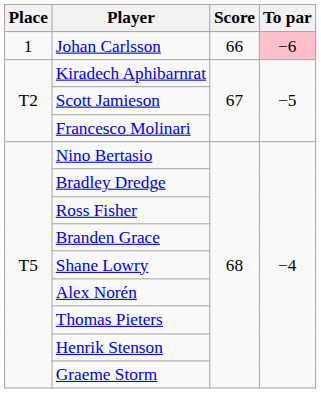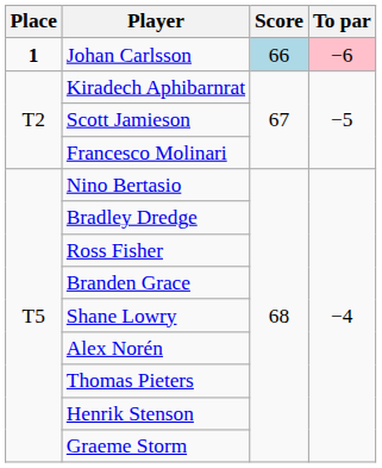 <table class="wikitable">
 <tr>
 <th>Place</th>
 <th>Player</th>
 <th>Score</th>
 <th>To par</th>
 </tr>
 <tr>
-<td align=center>1</td>
+<td align=center><strong>1</strong></td>
 <td> <a href='#'>Johan Carlsson</a></td>
-<td align=center>66</td>
+<td align=center style="background: lightblue;">66</td>
 <td align=center style="background: pink;">−6</td>
 </tr>
 <tr>
 <td rowspan=3 align=center>T2</td>
 <td> <a href='#'>Kiradech Aphibarnrat</a></td>
 <td rowspan=3 align=center>67</td>
 <td rowspan=3 align=center>−5</td>
 </tr>
 <tr>
 <td> <a href='#'>Scott Jamieson</a></td>
 </tr>
 <tr>
 <td> <a href='#'>Francesco Molinari</a></td>
 </tr>
 <tr>
 <td rowspan=9 align=center>T5</td>
 <td> <a href='#'>Nino Bertasio</a></td>
 <td rowspan=9 align=center>68</td>
 <td rowspan=9 align=center>−4</td>
 </tr>
 <tr>
 <td> <a href='#'>Bradley Dredge</a></td>
 </tr>
 <tr>
 <td> <a href='#'>Ross Fisher</a></td>
 </tr>
 <tr>
 <td> <a href='#'>Branden Grace</a></td>
 </tr>
 <tr>
 <td> <a href='#'>Shane Lowry</a></td>
 </tr>
 <tr>
 <td> <a href='#'>Alex Norén</a></td>
 </tr>
 <tr>
 <td> <a href='#'>Thomas Pieters</a></td>
 </tr>
 <tr>
 <td> <a href='#'>Henrik Stenson</a></td>
 </tr>
 <tr>
 <td> <a href='#'>Graeme Storm</a></td>
 </tr>
 </table>
